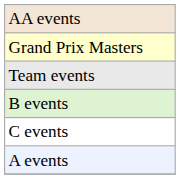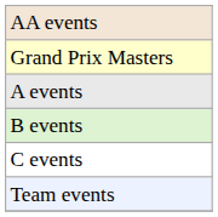 <table class=wikitable style=font-size:95%;width:12%>
 <tr style="background:#F3E6D7;">
 <td>AA events</td>
 </tr>
 <tr style="background:#ffc;">
 <td>Grand Prix Masters</td>
 </tr>
 <tr style="background:#E9E9E9;">
-<td>Team events</td>
+<td>A events</td>
 </tr>
 <tr style="background:#DDF3D1 ;">
 <td>B events</td>
 </tr>
 <tr style="background:#FFFFFF;">
 <td>C events</td>
 </tr>
 <tr style="background:#ECF2FF;">
-<td>A events</td>
+<td>Team events</td>
 </tr>
 <tr>
 </tr>
 </table>
